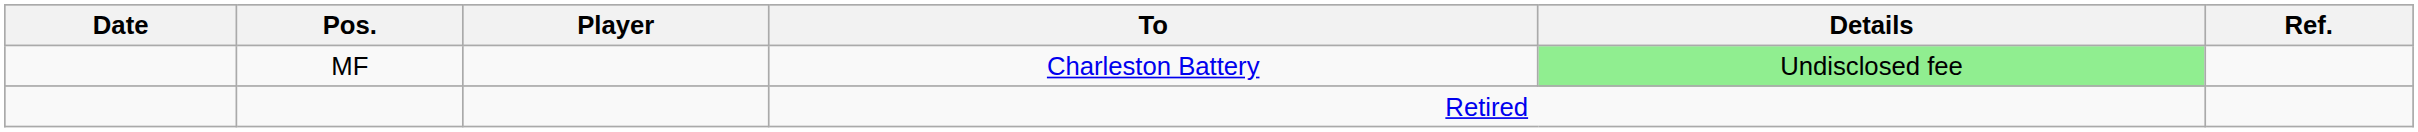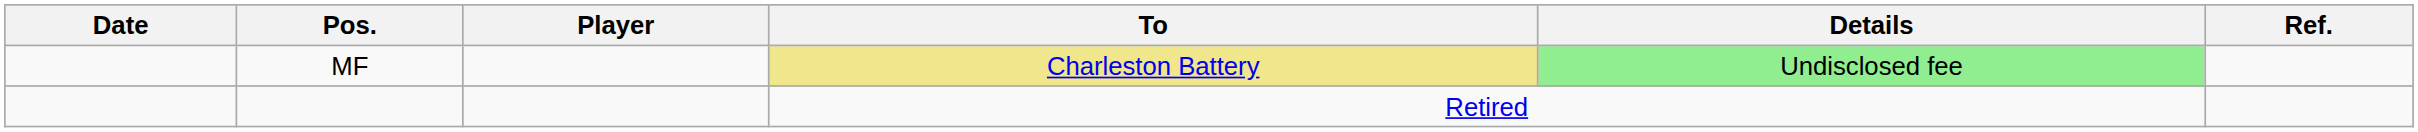 <table class="wikitable sortable" style="width:90%; text-align:center; font-size:95%; text-align:center;">
 <tr>
 <th>Date</th>
 <th>Pos.</th>
 <th>Player</th>
 <th>To</th>
 <th>Details</th>
 <th>Ref.</th>
 </tr>
 <tr>
 <td></td>
 <td>MF</td>
 <td></td>
-<td> <a href='#'>Charleston Battery</a></td>
+<td style="background: khaki;"> <a href='#'>Charleston Battery</a></td>
 <td style="background: lightgreen;">Undisclosed fee</td>
 <td></td>
 </tr>
 <tr>
 <td></td>
 <td></td>
 <td></td>
 <td colspan="2"><a href='#'>Retired</a></td>
 <td></td>
 </tr>
 </table>
